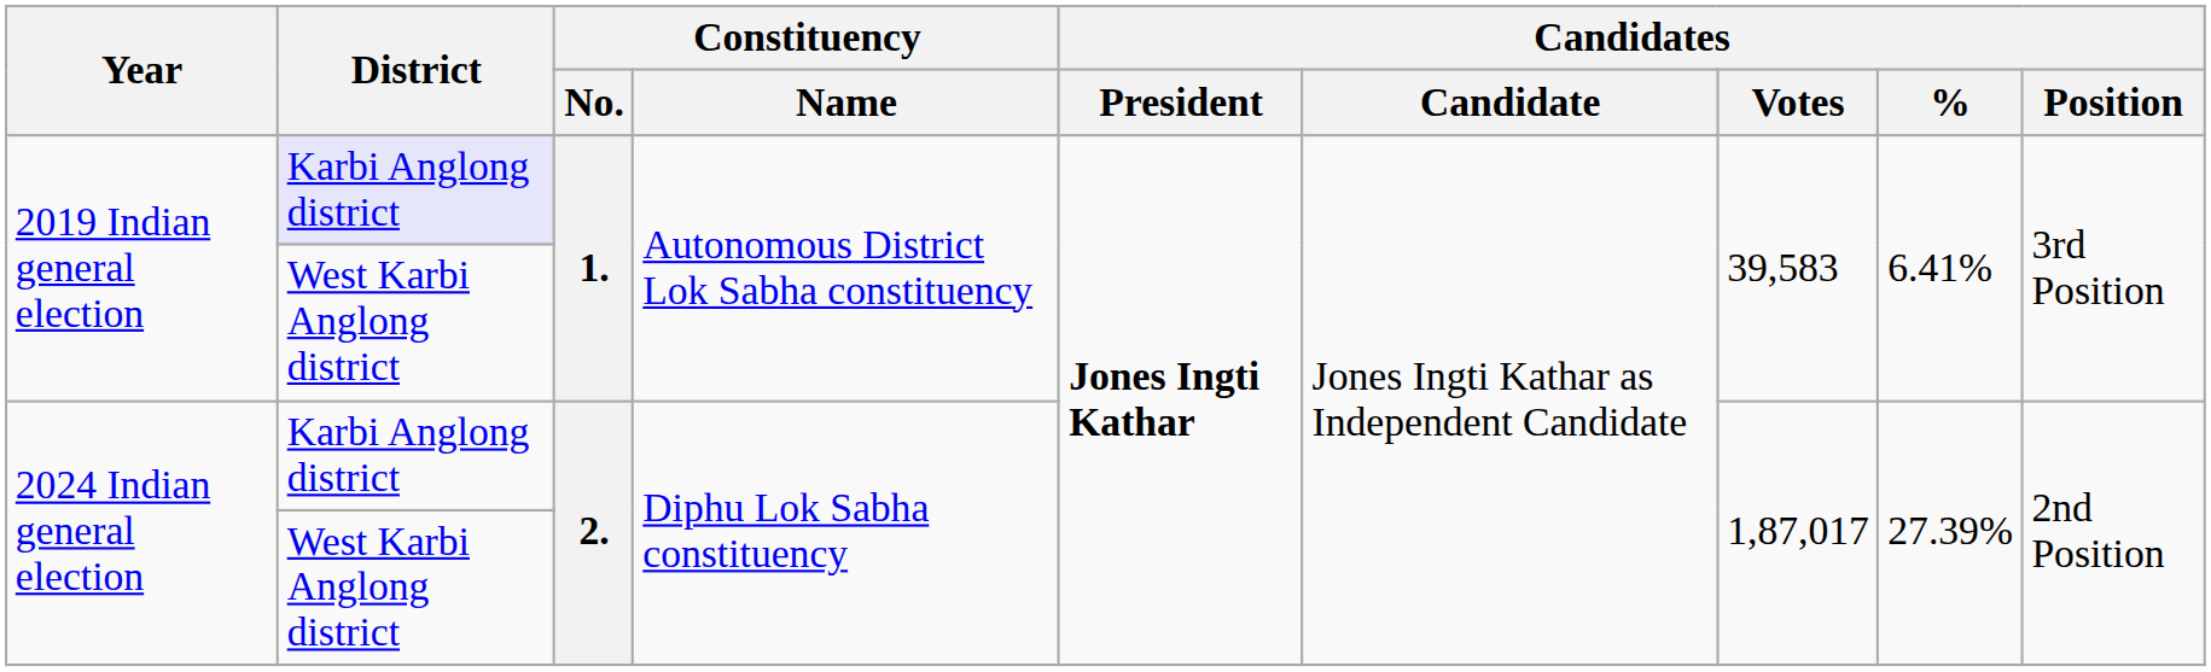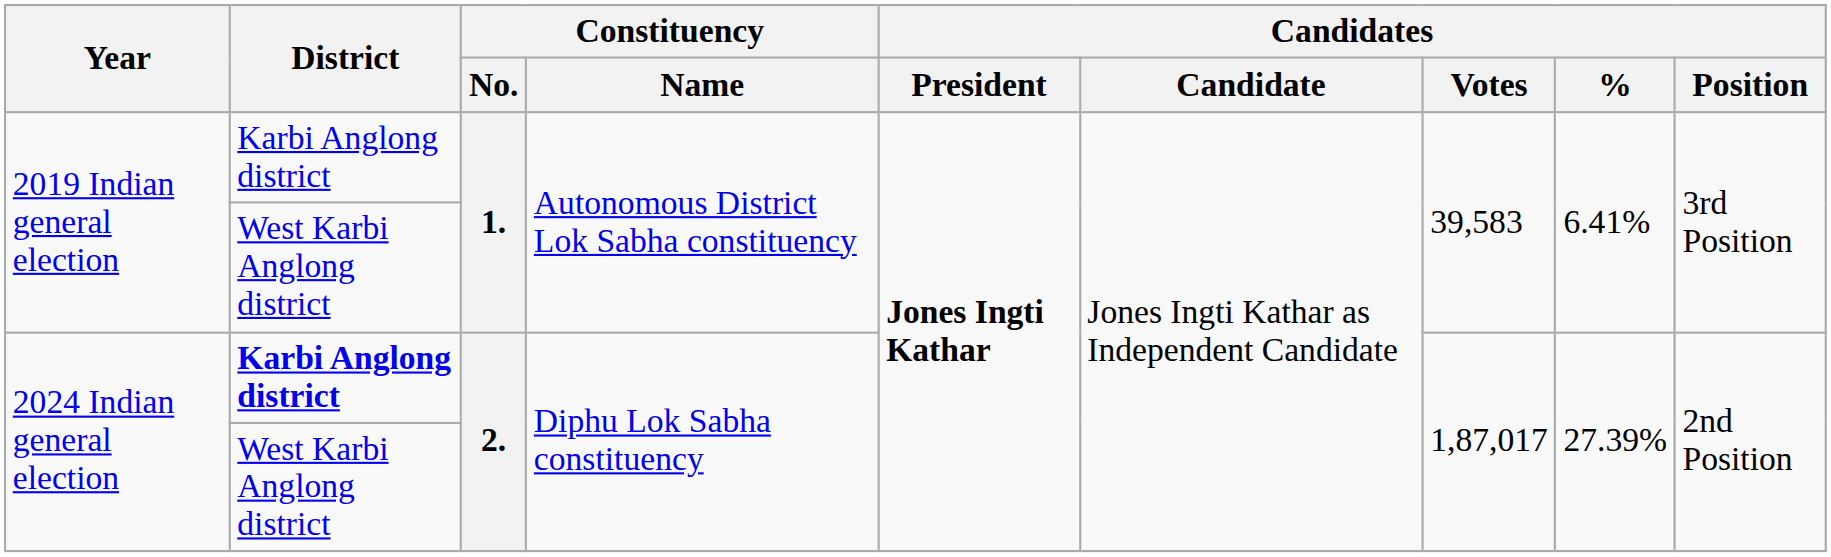 <table class="wikitable sortable">
 <tr>
 <th rowspan="2">Year</th>
 <th rowspan="2">District</th>
 <th colspan="2">Constituency</th>
 <th colspan="5">Candidates</th>
 </tr>
 <tr>
 <th>No.</th>
 <th>Name</th>
 <th>President</th>
 <th>Candidate</th>
 <th>Votes</th>
 <th>%</th>
 <th>Position</th>
 </tr>
 <tr>
 <td rowspan="2"><a href='#'>2019 Indian general election</a></td>
-<td style="background: lavender;"><a href='#'>Karbi Anglong district</a></td>
+<td><a href='#'>Karbi Anglong district</a></td>
 <th rowspan="2">1.</th>
 <td rowspan="2"><a href='#'>Autonomous District Lok Sabha constituency</a></td>
 <td rowspan="4"><strong>Jones Ingti Kathar</strong></td>
 <td rowspan="4">Jones Ingti Kathar as Independent  Candidate</td>
 <td rowspan="2">39,583</td>
 <td rowspan="2">6.41%</td>
 <td rowspan="2">3rd Position</td>
 </tr>
 <tr>
 <td><a href='#'>West Karbi Anglong district</a></td>
 </tr>
 <tr>
 <td rowspan="2"><a href='#'>2024 Indian general election</a></td>
-<td><a href='#'>Karbi Anglong district</a></td>
+<td><strong><a href='#'>Karbi Anglong district</a></strong></td>
 <th rowspan="2">2.</th>
 <td rowspan="2"><a href='#'>Diphu Lok Sabha constituency</a></td>
 <td rowspan="2">1,87,017</td>
 <td rowspan="2">27.39%</td>
 <td rowspan="2">2nd Position</td>
 </tr>
 <tr>
 <td><a href='#'>West Karbi Anglong district</a></td>
 </tr>
 </table>
